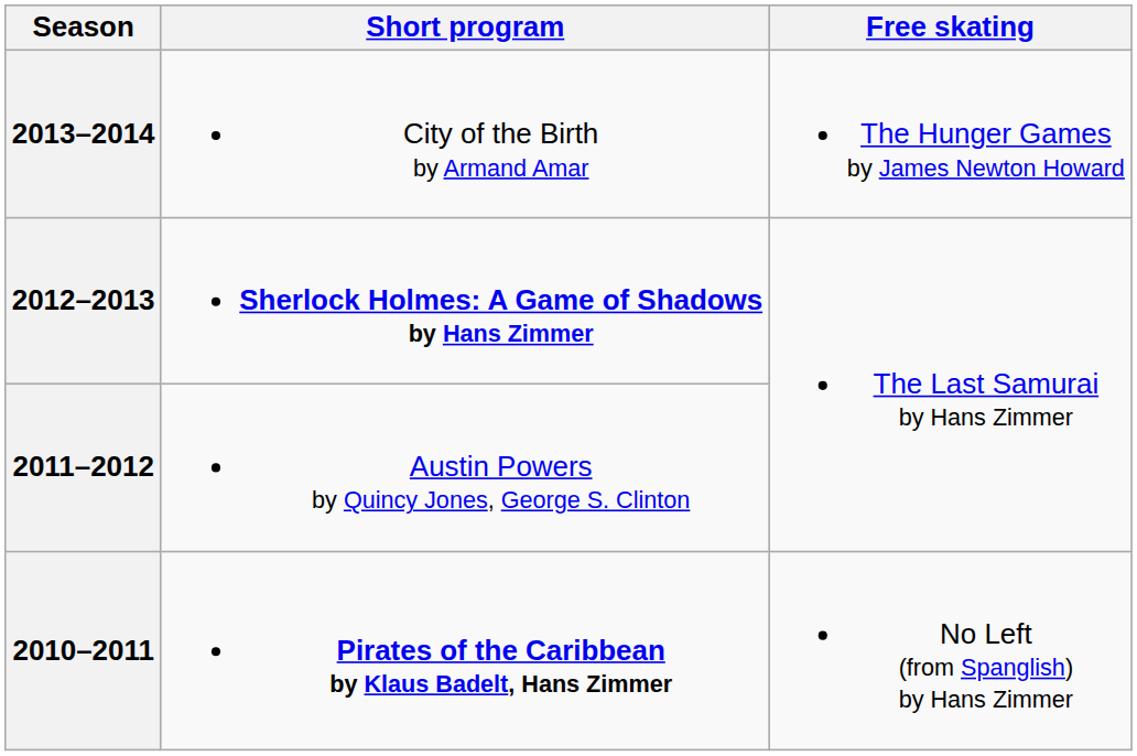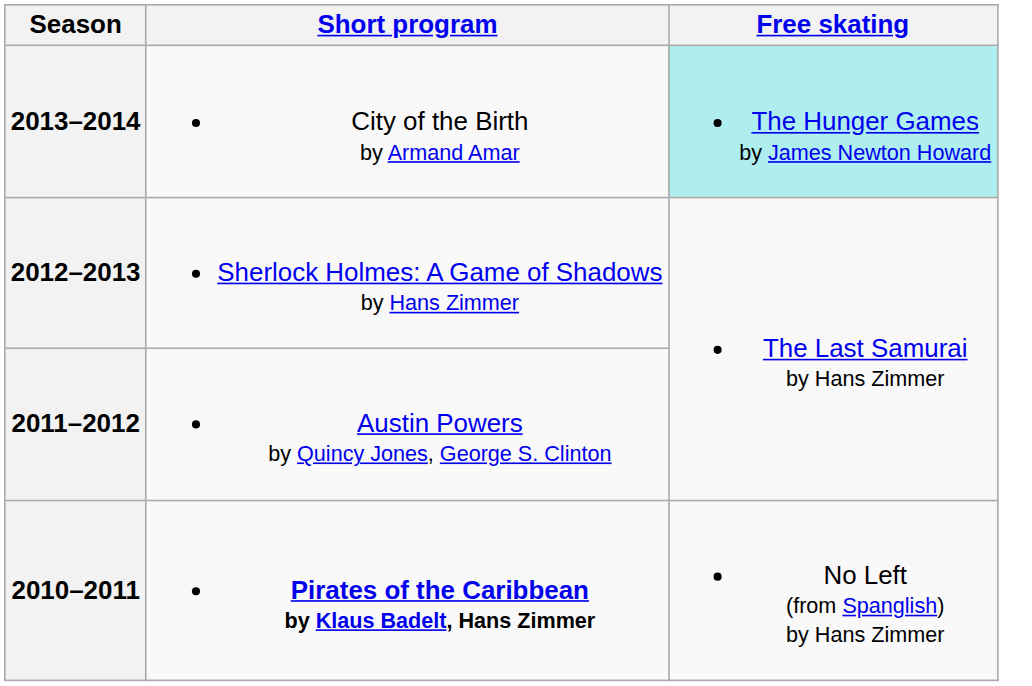 <table class="wikitable" style="text-align:center">
 <tr>
 <th>Season</th>
 <th><a href='#'>Short program</a></th>
 <th><a href='#'>Free skating</a></th>
 </tr>
 <tr>
 <th>2013–2014 <br></th>
 <td><br><ul><li>City of the Birth <br><small> by <a href='#'>Armand Amar</a> </small></li></ul></td>
-<td><br><ul><li><a href='#'>The Hunger Games</a> <br><small> by <a href='#'>James Newton Howard</a> </small></li></ul></td>
+<td style="background: paleturquoise;"><br><ul><li><a href='#'>The Hunger Games</a> <br><small> by <a href='#'>James Newton Howard</a> </small></li></ul></td>
 </tr>
 <tr>
 <th>2012–2013 <br></th>
-<td><strong><br><ul><li><a href='#'>Sherlock Holmes: A Game of Shadows</a> <br><small> by <a href='#'>Hans Zimmer</a> </small></li></ul></strong></td>
+<td><br><ul><li><a href='#'>Sherlock Holmes: A Game of Shadows</a> <br><small> by <a href='#'>Hans Zimmer</a> </small></li></ul></td>
 <td rowspan=2><br><ul><li><a href='#'>The Last Samurai</a> <br><small> by Hans Zimmer </small></li></ul></td>
 </tr>
 <tr>
 <th>2011–2012 <br></th>
 <td><br><ul><li><a href='#'>Austin Powers</a> <br><small> by <a href='#'>Quincy Jones</a>, <a href='#'>George S. Clinton</a> </small></li></ul></td>
 </tr>
 <tr>
 <th>2010–2011 <br></th>
 <td><strong><br><ul><li><a href='#'>Pirates of the Caribbean</a> <br><small> by <a href='#'>Klaus Badelt</a>, Hans Zimmer </small></li></ul></strong></td>
 <td><br><ul><li>No Left <br><small> (from <a href='#'>Spanglish</a>) <br> by Hans Zimmer </small></li></ul></td>
 </tr>
 </table>
